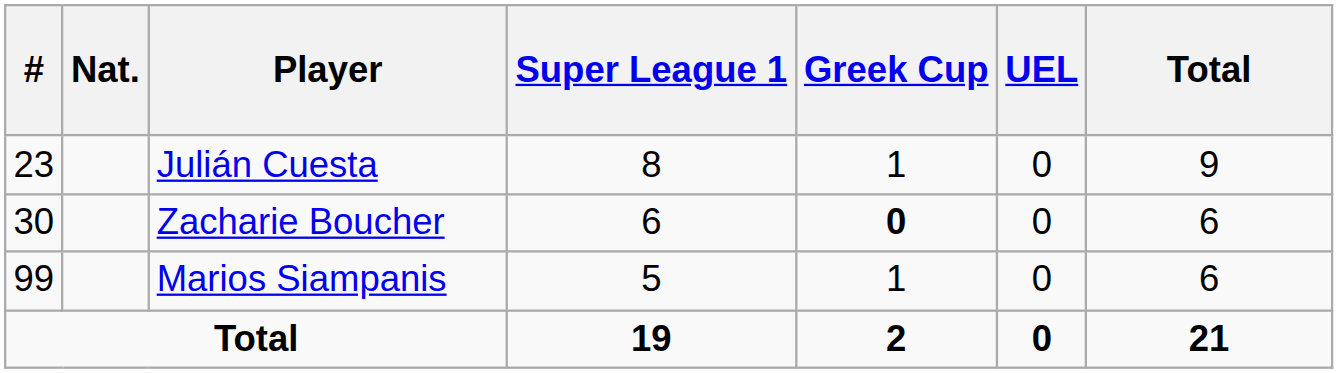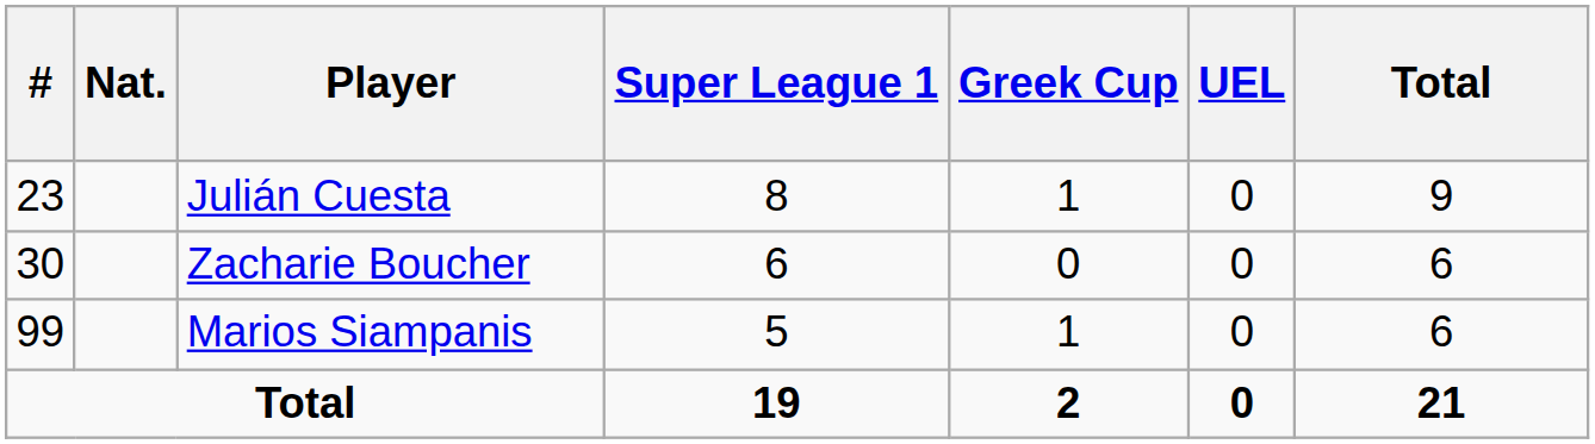 <table class="wikitable sortable alternance" ; style="text-align:center; ">
 <tr>
 <th height=50>#</th>
 <th width=10>Nat.</th>
 <th width=150>Player</th>
 <th height=50><a href='#'>Super League 1</a></th>
 <th height=50><a href='#'>Greek Cup</a></th>
 <th height=50><a href='#'>UEL</a></th>
 <th width=100>Total</th>
 </tr>
 <tr>
 <td>23</td>
 <td></td>
 <td align="left"><a href='#'>Julián Cuesta</a></td>
 <td>8</td>
 <td>1</td>
 <td>0</td>
 <td>9</td>
 </tr>
 <tr>
 <td>30</td>
 <td></td>
 <td align="left"><a href='#'>Zacharie Boucher</a></td>
 <td>6</td>
-<td><strong>0</strong></td>
+<td>0</td>
 <td>0</td>
 <td>6</td>
 </tr>
 <tr>
 <td>99</td>
 <td></td>
 <td align="left"><a href='#'>Marios Siampanis</a></td>
 <td>5</td>
 <td>1</td>
 <td>0</td>
 <td>6</td>
 </tr>
 <tr class="sortbottom">
 <td colspan="3"><strong>Total</strong></td>
 <td><strong>19</strong></td>
 <td><strong>2</strong></td>
 <td><strong>0</strong></td>
 <td><strong>21</strong></td>
 </tr>
 </table>
